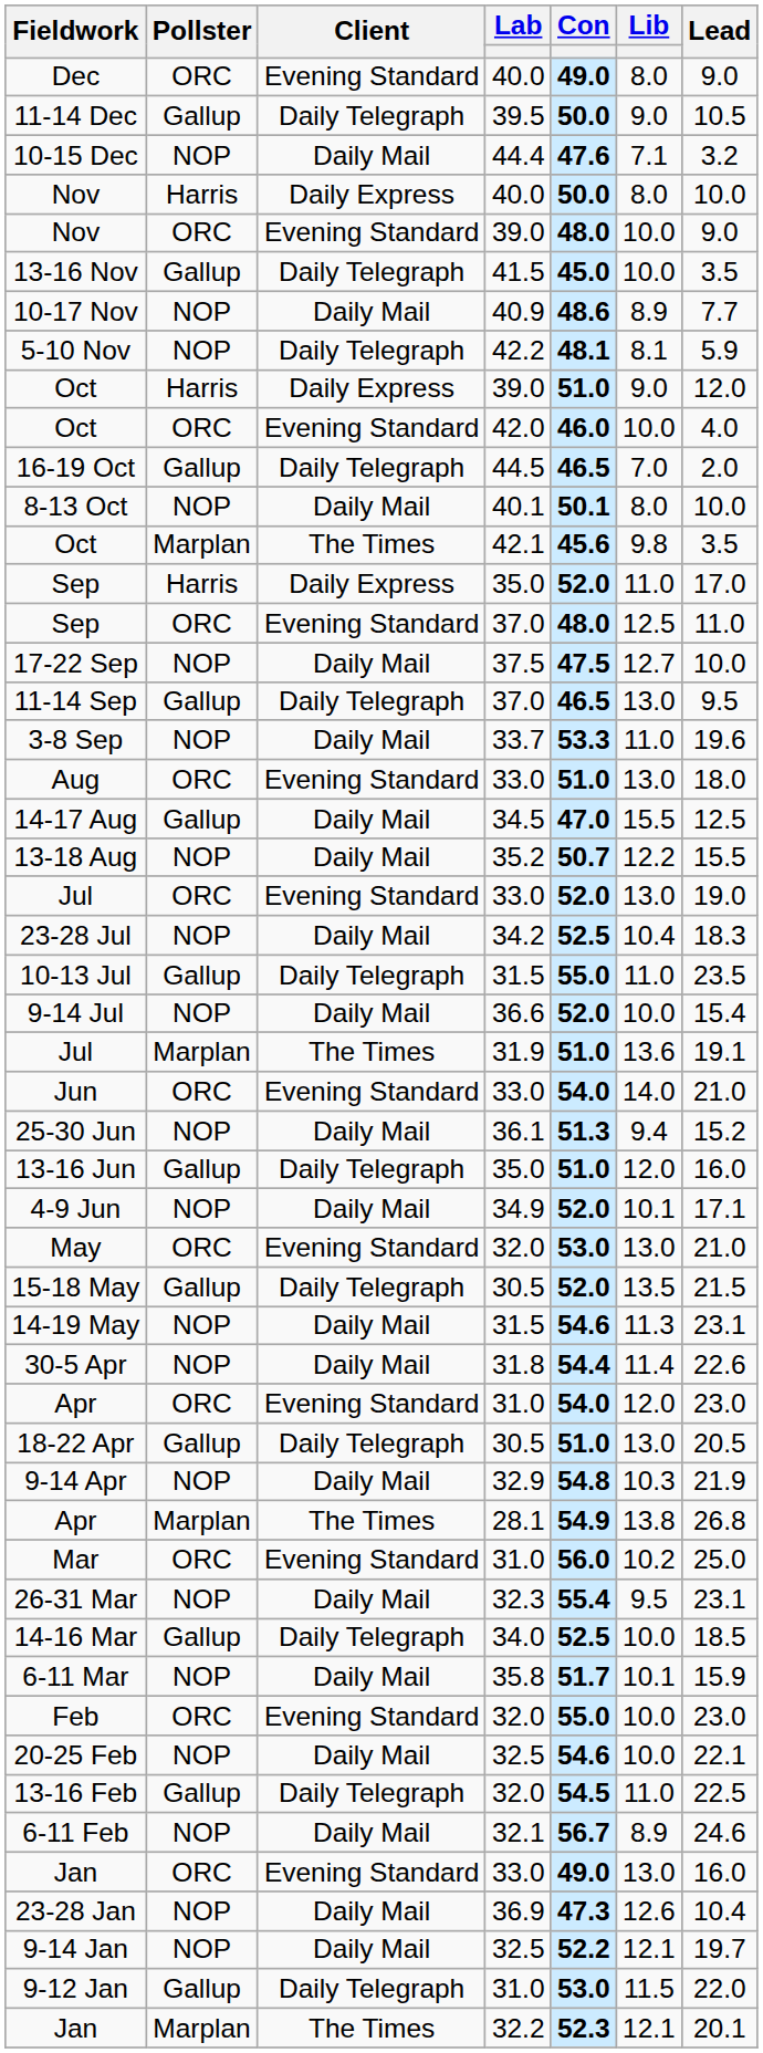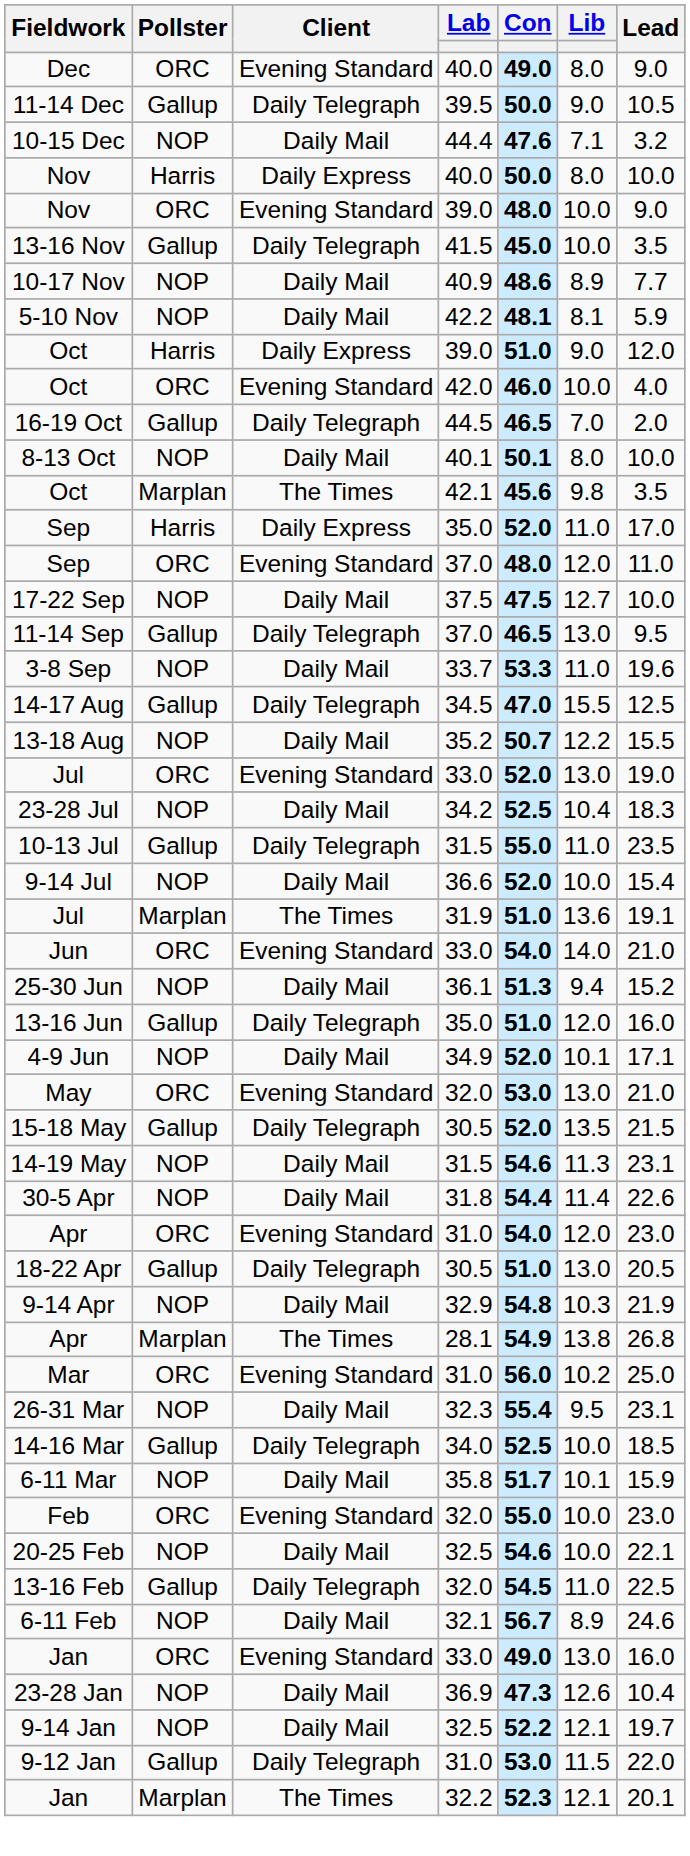 <table class="wikitable sortable mw-datatable" style="text-align: center; line-height: 14px; font-size: 90%;">
 <tr>
 <th rowspan="2">Fieldwork</th>
 <th rowspan="2">Pollster</th>
 <th rowspan="2">Client</th>
 <th><a href='#'>Lab</a></th>
 <th><a href='#'>Con</a></th>
 <th><a href='#'>Lib</a></th>
 <th rowspan="2">Lead</th>
 </tr>
 <tr>
 <th style="background:"></th>
 <th style="background:"></th>
 <th style="background:"></th>
 </tr>
 <tr>
 <td>Dec</td>
 <td>ORC</td>
 <td>Evening Standard</td>
 <td>40.0</td>
 <td style="background:#CCEBFF;"><strong>49.0</strong></td>
 <td>8.0</td>
 <td style="background:">9.0</td>
 </tr>
 <tr>
 <td>11-14 Dec</td>
 <td>Gallup</td>
 <td>Daily Telegraph</td>
 <td>39.5</td>
 <td style="background:#CCEBFF;"><strong>50.0</strong></td>
 <td>9.0</td>
 <td style="background:">10.5</td>
 </tr>
 <tr>
 <td>10-15 Dec</td>
 <td>NOP</td>
 <td>Daily Mail</td>
 <td>44.4</td>
 <td style="background:#CCEBFF;"><strong>47.6</strong></td>
 <td>7.1</td>
 <td style="background:">3.2</td>
 </tr>
 <tr>
 <td>Nov</td>
 <td>Harris</td>
 <td>Daily Express</td>
 <td>40.0</td>
 <td style="background:#CCEBFF;"><strong>50.0</strong></td>
 <td>8.0</td>
 <td style="background:">10.0</td>
 </tr>
 <tr>
 <td>Nov</td>
 <td>ORC</td>
 <td>Evening Standard</td>
 <td>39.0</td>
 <td style="background:#CCEBFF;"><strong>48.0</strong></td>
 <td>10.0</td>
 <td style="background:">9.0</td>
 </tr>
 <tr>
 <td>13-16 Nov</td>
 <td>Gallup</td>
 <td>Daily Telegraph</td>
 <td>41.5</td>
 <td style="background:#CCEBFF;"><strong>45.0</strong></td>
 <td>10.0</td>
 <td style="background:">3.5</td>
 </tr>
 <tr>
 <td>10-17 Nov</td>
 <td>NOP</td>
 <td>Daily Mail</td>
 <td>40.9</td>
 <td style="background:#CCEBFF;"><strong>48.6</strong></td>
 <td>8.9</td>
 <td style="background:">7.7</td>
 </tr>
 <tr>
 <td>5-10 Nov</td>
 <td>NOP</td>
-<td>Daily Telegraph</td>
+<td>Daily Mail</td>
 <td>42.2</td>
 <td style="background:#CCEBFF;"><strong>48.1</strong></td>
 <td>8.1</td>
 <td style="background:">5.9</td>
 </tr>
 <tr>
 <td>Oct</td>
 <td>Harris</td>
 <td>Daily Express</td>
 <td>39.0</td>
 <td style="background:#CCEBFF;"><strong>51.0</strong></td>
 <td>9.0</td>
 <td style="background:">12.0</td>
 </tr>
 <tr>
 <td>Oct</td>
 <td>ORC</td>
 <td>Evening Standard</td>
 <td>42.0</td>
 <td style="background:#CCEBFF;"><strong>46.0</strong></td>
 <td>10.0</td>
 <td style="background:">4.0</td>
 </tr>
 <tr>
 <td>16-19 Oct</td>
 <td>Gallup</td>
 <td>Daily Telegraph</td>
 <td>44.5</td>
 <td style="background:#CCEBFF;"><strong>46.5</strong></td>
 <td>7.0</td>
 <td style="background:">2.0</td>
 </tr>
 <tr>
 <td>8-13 Oct</td>
 <td>NOP</td>
 <td>Daily Mail</td>
 <td>40.1</td>
 <td style="background:#CCEBFF;"><strong>50.1</strong></td>
 <td>8.0</td>
 <td style="background:">10.0</td>
 </tr>
 <tr>
 <td>Oct</td>
 <td>Marplan</td>
 <td>The Times</td>
 <td>42.1</td>
 <td style="background:#CCEBFF;"><strong>45.6</strong></td>
 <td>9.8</td>
 <td style="background:">3.5</td>
 </tr>
 <tr>
 <td>Sep</td>
 <td>Harris</td>
 <td>Daily Express</td>
 <td>35.0</td>
 <td style="background:#CCEBFF;"><strong>52.0</strong></td>
 <td>11.0</td>
 <td style="background:">17.0</td>
 </tr>
 <tr>
 <td>Sep</td>
 <td>ORC</td>
 <td>Evening Standard</td>
 <td>37.0</td>
 <td style="background:#CCEBFF;"><strong>48.0</strong></td>
-<td>12.5</td>
+<td>12.0</td>
 <td style="background:">11.0</td>
 </tr>
 <tr>
 <td>17-22 Sep</td>
 <td>NOP</td>
 <td>Daily Mail</td>
 <td>37.5</td>
 <td style="background:#CCEBFF;"><strong>47.5</strong></td>
 <td>12.7</td>
 <td style="background:">10.0</td>
 </tr>
 <tr>
 <td>11-14 Sep</td>
 <td>Gallup</td>
 <td>Daily Telegraph</td>
 <td>37.0</td>
 <td style="background:#CCEBFF;"><strong>46.5</strong></td>
 <td>13.0</td>
 <td style="background:">9.5</td>
 </tr>
 <tr>
 <td>3-8 Sep</td>
 <td>NOP</td>
 <td>Daily Mail</td>
 <td>33.7</td>
 <td style="background:#CCEBFF;"><strong>53.3</strong></td>
 <td>11.0</td>
 <td style="background:">19.6</td>
 </tr>
 <tr>
-<td>Aug</td>
-<td>ORC</td>
-<td>Evening Standard</td>
-<td>33.0</td>
-<td style="background:#CCEBFF;"><strong>51.0</strong></td>
-<td>13.0</td>
-<td style="background:">18.0</td>
-</tr>
-<tr>
 <td>14-17 Aug</td>
 <td>Gallup</td>
-<td>Daily Mail</td>
+<td>Daily Telegraph</td>
 <td>34.5</td>
 <td style="background:#CCEBFF;"><strong>47.0</strong></td>
 <td>15.5</td>
 <td style="background:">12.5</td>
 </tr>
 <tr>
 <td>13-18 Aug</td>
 <td>NOP</td>
 <td>Daily Mail</td>
 <td>35.2</td>
 <td style="background:#CCEBFF;"><strong>50.7</strong></td>
 <td>12.2</td>
 <td style="background:">15.5</td>
 </tr>
 <tr>
 <td>Jul</td>
 <td>ORC</td>
 <td>Evening Standard</td>
 <td>33.0</td>
 <td style="background:#CCEBFF;"><strong>52.0</strong></td>
 <td>13.0</td>
 <td style="background:">19.0</td>
 </tr>
 <tr>
 <td>23-28 Jul</td>
 <td>NOP</td>
 <td>Daily Mail</td>
 <td>34.2</td>
 <td style="background:#CCEBFF;"><strong>52.5</strong></td>
 <td>10.4</td>
 <td style="background:">18.3</td>
 </tr>
 <tr>
 <td>10-13 Jul</td>
 <td>Gallup</td>
 <td>Daily Telegraph</td>
 <td>31.5</td>
 <td style="background:#CCEBFF;"><strong>55.0</strong></td>
 <td>11.0</td>
 <td style="background:">23.5</td>
 </tr>
 <tr>
 <td>9-14 Jul</td>
 <td>NOP</td>
 <td>Daily Mail</td>
 <td>36.6</td>
 <td style="background:#CCEBFF;"><strong>52.0</strong></td>
 <td>10.0</td>
 <td style="background:">15.4</td>
 </tr>
 <tr>
 <td>Jul</td>
 <td>Marplan</td>
 <td>The Times</td>
 <td>31.9</td>
 <td style="background:#CCEBFF;"><strong>51.0</strong></td>
 <td>13.6</td>
 <td style="background:">19.1</td>
 </tr>
 <tr>
 <td>Jun</td>
 <td>ORC</td>
 <td>Evening Standard</td>
 <td>33.0</td>
 <td style="background:#CCEBFF;"><strong>54.0</strong></td>
 <td>14.0</td>
 <td style="background:">21.0</td>
 </tr>
 <tr>
 <td>25-30 Jun</td>
 <td>NOP</td>
 <td>Daily Mail</td>
 <td>36.1</td>
 <td style="background:#CCEBFF;"><strong>51.3</strong></td>
 <td>9.4</td>
 <td style="background:">15.2</td>
 </tr>
 <tr>
 <td>13-16 Jun</td>
 <td>Gallup</td>
 <td>Daily Telegraph</td>
 <td>35.0</td>
 <td style="background:#CCEBFF;"><strong>51.0</strong></td>
 <td>12.0</td>
 <td style="background:">16.0</td>
 </tr>
 <tr>
 <td>4-9 Jun</td>
 <td>NOP</td>
 <td>Daily Mail</td>
 <td>34.9</td>
 <td style="background:#CCEBFF;"><strong>52.0</strong></td>
 <td>10.1</td>
 <td style="background:">17.1</td>
 </tr>
 <tr>
 <td>May</td>
 <td>ORC</td>
 <td>Evening Standard</td>
 <td>32.0</td>
 <td style="background:#CCEBFF;"><strong>53.0</strong></td>
 <td>13.0</td>
 <td style="background:">21.0</td>
 </tr>
 <tr>
 <td>15-18 May</td>
 <td>Gallup</td>
 <td>Daily Telegraph</td>
 <td>30.5</td>
 <td style="background:#CCEBFF;"><strong>52.0</strong></td>
 <td>13.5</td>
 <td style="background:">21.5</td>
 </tr>
 <tr>
 <td>14-19 May</td>
 <td>NOP</td>
 <td>Daily Mail</td>
 <td>31.5</td>
 <td style="background:#CCEBFF;"><strong>54.6</strong></td>
 <td>11.3</td>
 <td style="background:">23.1</td>
 </tr>
 <tr>
 <td>30-5 Apr</td>
 <td>NOP</td>
 <td>Daily Mail</td>
 <td>31.8</td>
 <td style="background:#CCEBFF;"><strong>54.4</strong></td>
 <td>11.4</td>
 <td style="background:">22.6</td>
 </tr>
 <tr>
 <td>Apr</td>
 <td>ORC</td>
 <td>Evening Standard</td>
 <td>31.0</td>
 <td style="background:#CCEBFF;"><strong>54.0</strong></td>
 <td>12.0</td>
 <td style="background:">23.0</td>
 </tr>
 <tr>
 <td>18-22 Apr</td>
 <td>Gallup</td>
 <td>Daily Telegraph</td>
 <td>30.5</td>
 <td style="background:#CCEBFF;"><strong>51.0</strong></td>
 <td>13.0</td>
 <td style="background:">20.5</td>
 </tr>
 <tr>
 <td>9-14 Apr</td>
 <td>NOP</td>
 <td>Daily Mail</td>
 <td>32.9</td>
 <td style="background:#CCEBFF;"><strong>54.8</strong></td>
 <td>10.3</td>
 <td style="background:">21.9</td>
 </tr>
 <tr>
 <td>Apr</td>
 <td>Marplan</td>
 <td>The Times</td>
 <td>28.1</td>
 <td style="background:#CCEBFF;"><strong>54.9</strong></td>
 <td>13.8</td>
 <td style="background:">26.8</td>
 </tr>
 <tr>
 <td>Mar</td>
 <td>ORC</td>
 <td>Evening Standard</td>
 <td>31.0</td>
 <td style="background:#CCEBFF;"><strong>56.0</strong></td>
 <td>10.2</td>
 <td style="background:">25.0</td>
 </tr>
 <tr>
 <td>26-31 Mar</td>
 <td>NOP</td>
 <td>Daily Mail</td>
 <td>32.3</td>
 <td style="background:#CCEBFF;"><strong>55.4</strong></td>
 <td>9.5</td>
 <td style="background:">23.1</td>
 </tr>
 <tr>
 <td>14-16 Mar</td>
 <td>Gallup</td>
 <td>Daily Telegraph</td>
 <td>34.0</td>
 <td style="background:#CCEBFF;"><strong>52.5</strong></td>
 <td>10.0</td>
 <td style="background:">18.5</td>
 </tr>
 <tr>
 <td>6-11 Mar</td>
 <td>NOP</td>
 <td>Daily Mail</td>
 <td>35.8</td>
 <td style="background:#CCEBFF;"><strong>51.7</strong></td>
 <td>10.1</td>
 <td style="background:">15.9</td>
 </tr>
 <tr>
 <td>Feb</td>
 <td>ORC</td>
 <td>Evening Standard</td>
 <td>32.0</td>
 <td style="background:#CCEBFF;"><strong>55.0</strong></td>
 <td>10.0</td>
 <td style="background:">23.0</td>
 </tr>
 <tr>
 <td>20-25 Feb</td>
 <td>NOP</td>
 <td>Daily Mail</td>
 <td>32.5</td>
 <td style="background:#CCEBFF;"><strong>54.6</strong></td>
 <td>10.0</td>
 <td style="background:">22.1</td>
 </tr>
 <tr>
 <td>13-16 Feb</td>
 <td>Gallup</td>
 <td>Daily Telegraph</td>
 <td>32.0</td>
 <td style="background:#CCEBFF;"><strong>54.5</strong></td>
 <td>11.0</td>
 <td style="background:">22.5</td>
 </tr>
 <tr>
 <td>6-11 Feb</td>
 <td>NOP</td>
 <td>Daily Mail</td>
 <td>32.1</td>
 <td style="background:#CCEBFF;"><strong>56.7</strong></td>
 <td>8.9</td>
 <td style="background:">24.6</td>
 </tr>
 <tr>
 <td>Jan</td>
 <td>ORC</td>
 <td>Evening Standard</td>
 <td>33.0</td>
 <td style="background:#CCEBFF;"><strong>49.0</strong></td>
 <td>13.0</td>
 <td style="background:">16.0</td>
 </tr>
 <tr>
 <td>23-28 Jan</td>
 <td>NOP</td>
 <td>Daily Mail</td>
 <td>36.9</td>
 <td style="background:#CCEBFF;"><strong>47.3</strong></td>
 <td>12.6</td>
 <td style="background:">10.4</td>
 </tr>
 <tr>
 <td>9-14 Jan</td>
 <td>NOP</td>
 <td>Daily Mail</td>
 <td>32.5</td>
 <td style="background:#CCEBFF;"><strong>52.2</strong></td>
 <td>12.1</td>
 <td style="background:">19.7</td>
 </tr>
 <tr>
 <td>9-12 Jan</td>
 <td>Gallup</td>
 <td>Daily Telegraph</td>
 <td>31.0</td>
 <td style="background:#CCEBFF;"><strong>53.0</strong></td>
 <td>11.5</td>
 <td style="background:">22.0</td>
 </tr>
 <tr>
 <td>Jan</td>
 <td>Marplan</td>
 <td>The Times</td>
 <td>32.2</td>
 <td style="background:#CCEBFF;"><strong>52.3</strong></td>
 <td>12.1</td>
 <td style="background:">20.1</td>
 </tr>
 </table>
